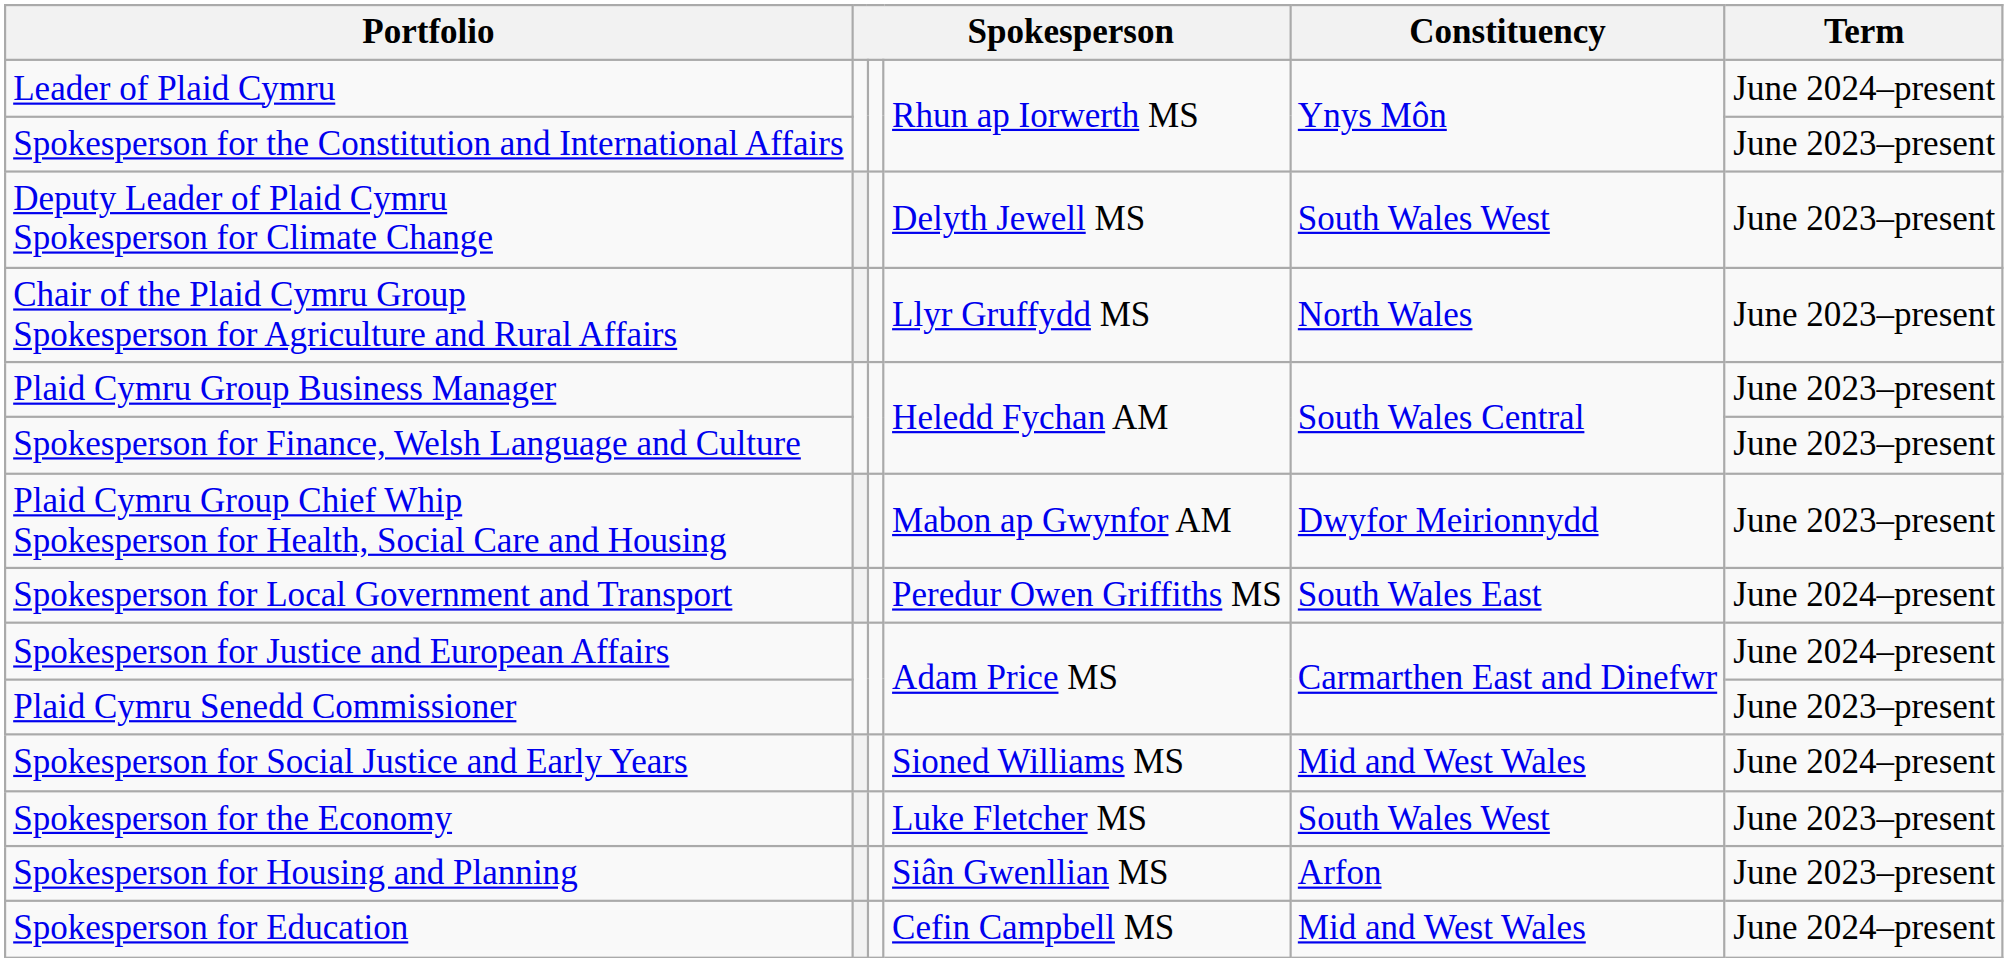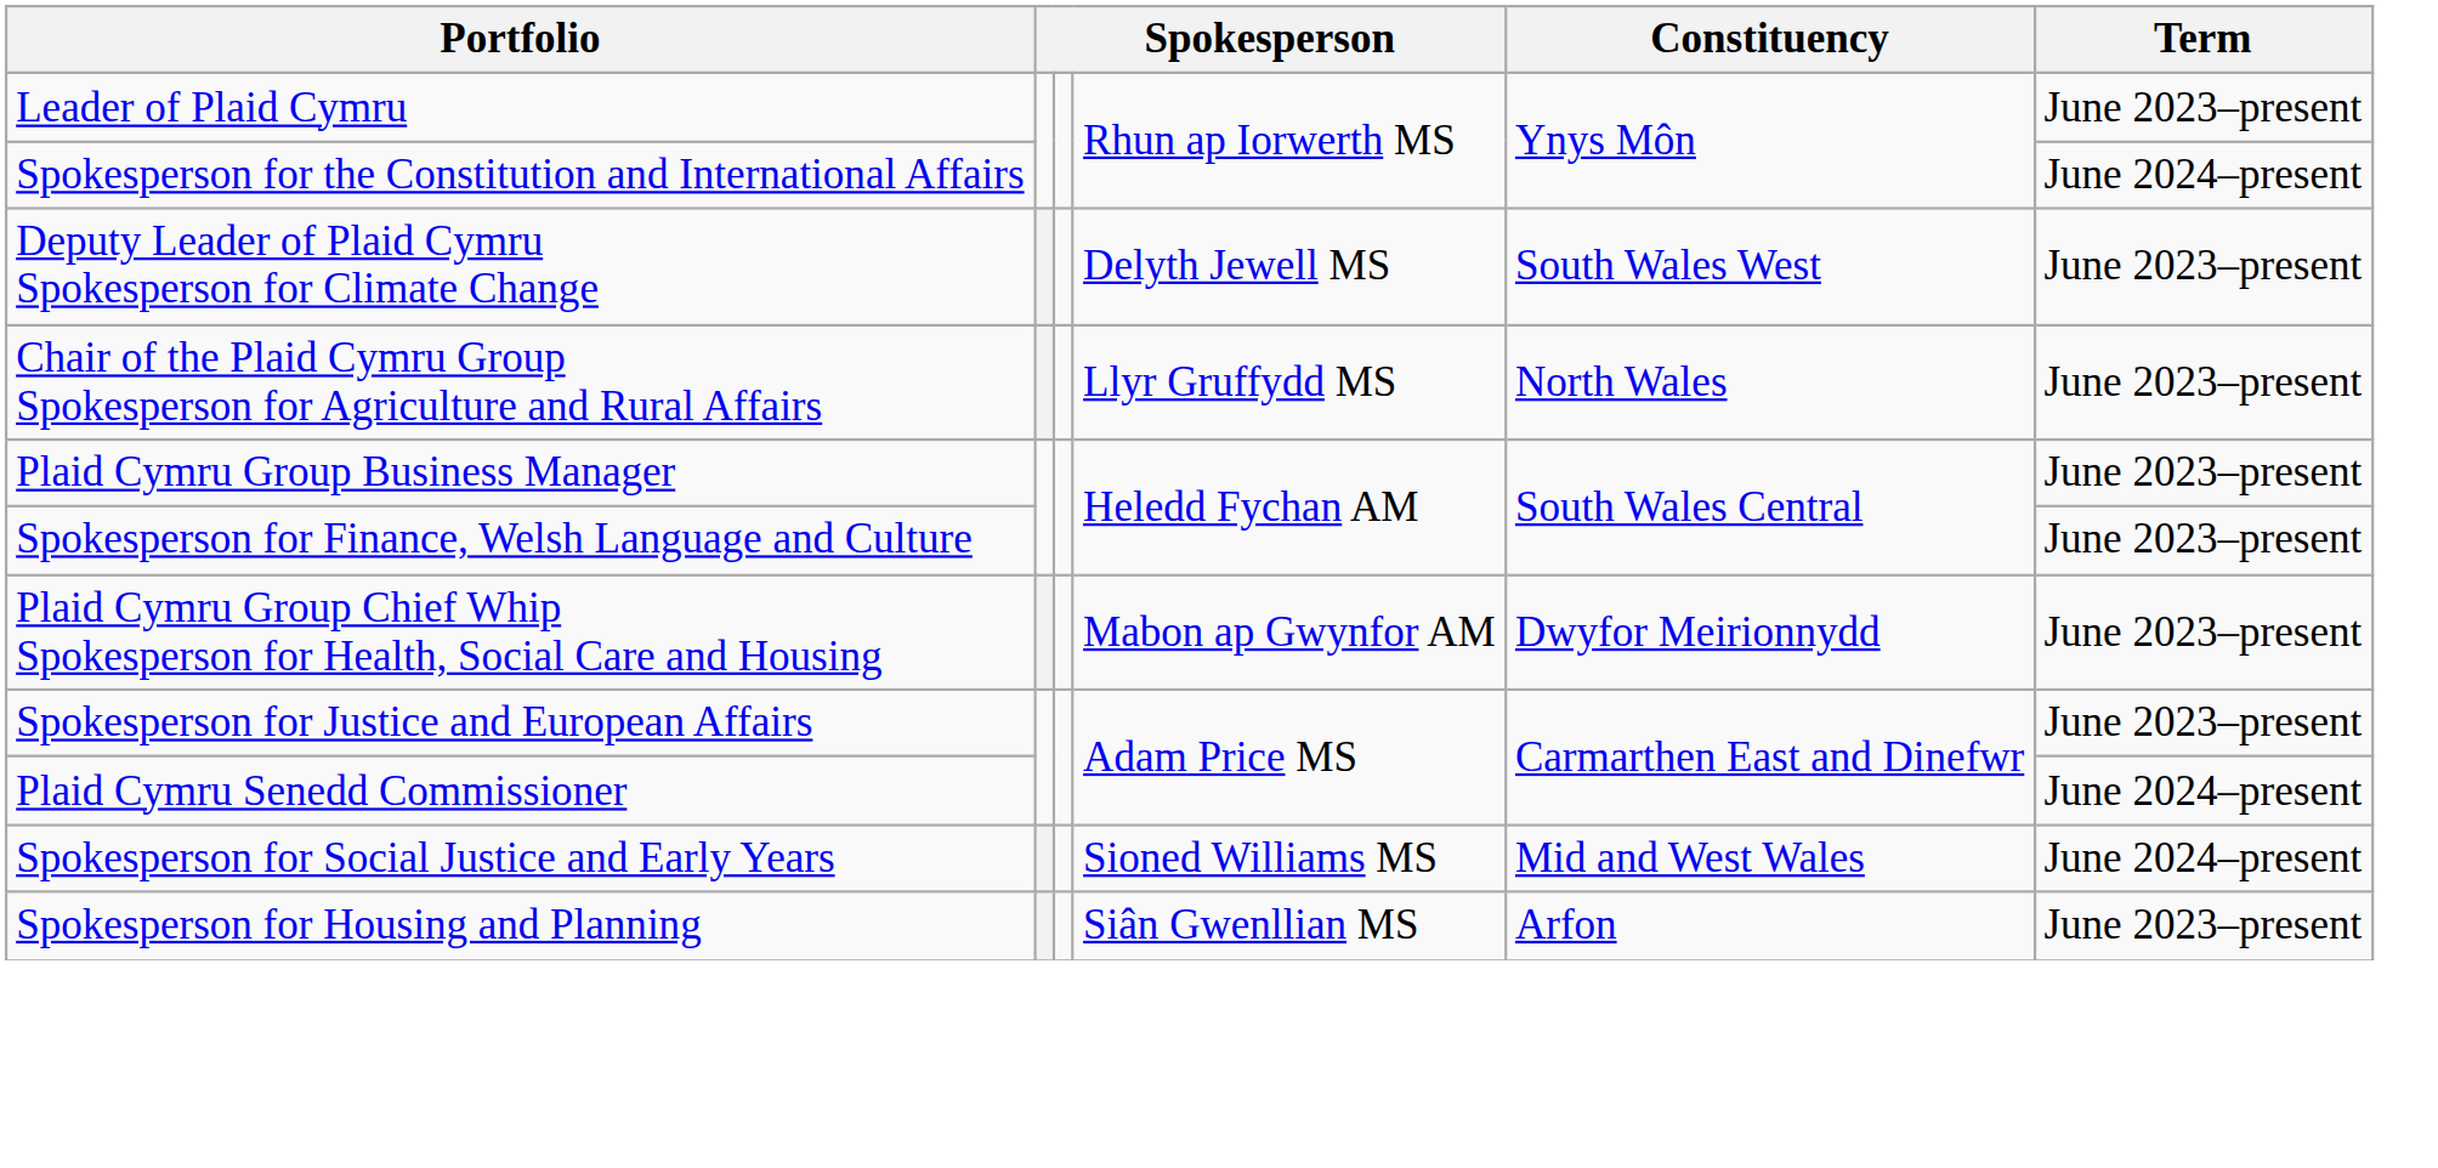 <table class="wikitable">
 <tr>
 <th colspan="1">Portfolio</th>
 <th colspan="3">Spokesperson</th>
 <th colspan="1">Constituency</th>
 <th colspan="1">Term</th>
 </tr>
 <tr>
 <td><a href='#'>Leader of Plaid Cymru</a></td>
 <td rowspan="2" style="background: "></td>
 <td rowspan="2"></td>
 <td rowspan="2"><a href='#'>Rhun ap Iorwerth</a> MS</td>
 <td rowspan="2"><a href='#'>Ynys Môn</a></td>
-<td>June 2024–present</td>
+<td>June 2023–present</td>
 </tr>
 <tr>
 <td><a href='#'>Spokesperson for the Constitution and International Affairs</a></td>
-<td>June 2023–present</td>
+<td>June 2024–present</td>
 </tr>
 <tr>
 <td><a href='#'>Deputy Leader of Plaid Cymru</a><br><a href='#'>Spokesperson for Climate Change</a></td>
 <th style="background: "></th>
 <td></td>
 <td><a href='#'>Delyth Jewell</a> MS</td>
 <td><a href='#'>South Wales West</a></td>
 <td>June 2023–present</td>
 </tr>
 <tr>
 <td><a href='#'>Chair of the Plaid Cymru Group</a><br><a href='#'>Spokesperson for Agriculture and Rural Affairs</a></td>
 <th style="background-color: "></th>
 <td></td>
 <td><a href='#'>Llyr Gruffydd</a> MS</td>
 <td><a href='#'>North Wales</a></td>
 <td>June 2023–present</td>
 </tr>
 <tr>
 <td><a href='#'>Plaid Cymru Group Business Manager</a></td>
 <td rowspan="2" style="background-color: "></td>
 <td rowspan="2"></td>
 <td rowspan="2"><a href='#'>Heledd Fychan</a> AM</td>
 <td rowspan="2"><a href='#'>South Wales Central</a></td>
 <td>June 2023–present</td>
 </tr>
 <tr>
 <td><a href='#'>Spokesperson for Finance, Welsh Language and Culture</a></td>
 <td>June 2023–present</td>
 </tr>
 <tr>
 <td><a href='#'>Plaid Cymru Group Chief Whip</a><br><a href='#'>Spokesperson for Health, Social Care and Housing</a></td>
 <th style="background-color: "></th>
 <td></td>
 <td><a href='#'>Mabon ap Gwynfor</a> AM</td>
 <td><a href='#'>Dwyfor Meirionnydd</a></td>
 <td>June 2023–present</td>
 </tr>
 <tr>
-<td><a href='#'>Spokesperson for Local Government and Transport</a></td>
-<th style="background-color: "></th>
-<td></td>
-<td><a href='#'>Peredur Owen Griffiths</a> MS</td>
-<td><a href='#'>South Wales East</a></td>
-<td>June 2024–present</td>
-</tr>
-<tr>
 <td><a href='#'>Spokesperson for Justice and European Affairs</a></td>
 <td rowspan="2" style="background-color: "></td>
 <td rowspan="2"></td>
 <td rowspan="2"><a href='#'>Adam Price</a> MS</td>
 <td rowspan="2"><a href='#'>Carmarthen East and Dinefwr</a></td>
-<td>June 2024–present</td>
+<td>June 2023–present</td>
 </tr>
 <tr>
 <td><a href='#'>Plaid Cymru Senedd Commissioner</a></td>
-<td>June 2023–present</td>
+<td>June 2024–present</td>
 </tr>
 <tr>
 <td><a href='#'>Spokesperson for Social Justice and Early Years</a></td>
 <th style="background-color: "></th>
 <td></td>
 <td><a href='#'>Sioned Williams</a> MS</td>
 <td><a href='#'>Mid and West Wales</a></td>
 <td>June 2024–present</td>
 </tr>
 <tr>
-<td><a href='#'>Spokesperson for the Economy</a></td>
-<th style="background-color: "></th>
-<td></td>
-<td><a href='#'>Luke Fletcher</a> MS</td>
-<td><a href='#'>South Wales West</a></td>
-<td>June 2023–present</td>
-</tr>
-<tr>
 <td><a href='#'>Spokesperson for Housing and Planning</a></td>
 <th style="background-color: "></th>
 <td></td>
 <td><a href='#'>Siân Gwenllian</a> MS</td>
 <td><a href='#'>Arfon</a></td>
 <td>June 2023–present</td>
 </tr>
-<tr>
-<td><a href='#'>Spokesperson for Education</a></td>
-<th style="background-color: "></th>
-<td></td>
-<td><a href='#'>Cefin Campbell</a> MS</td>
-<td><a href='#'>Mid and West Wales</a></td>
-<td>June 2024–present</td>
-</tr>
 </table>
